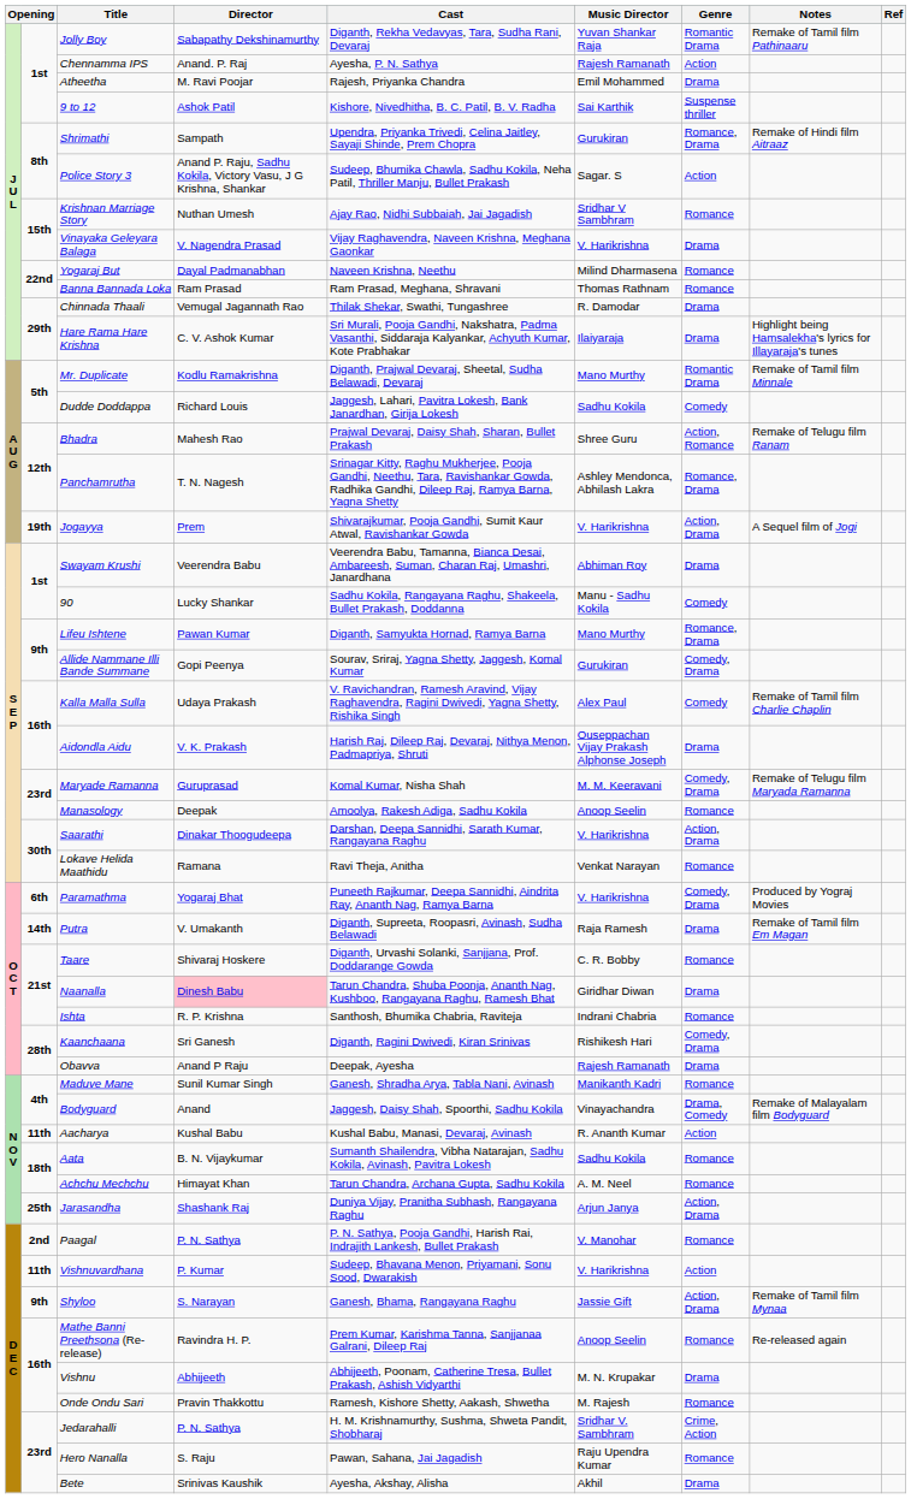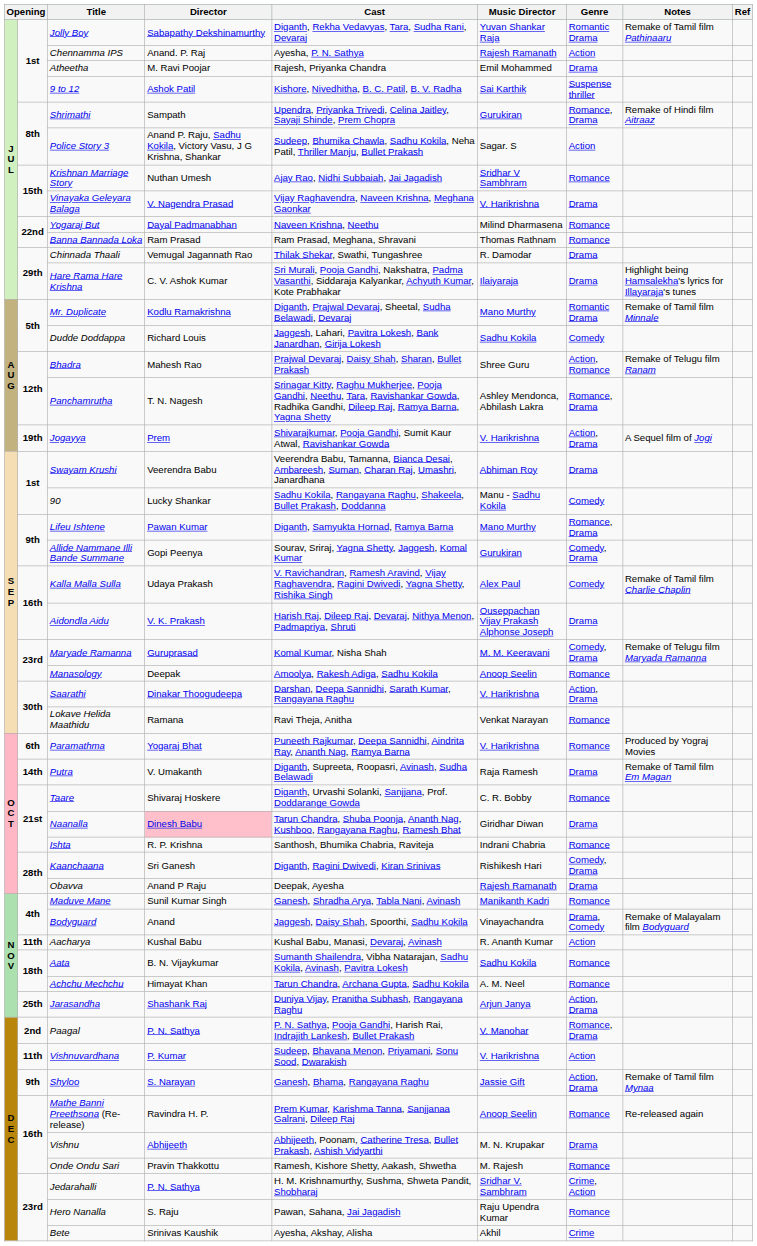 <table class="wikitable">
 <tr style="background:#b0e0e6; text-align:center;">
 <th colspan="2"><strong>Opening</strong></th>
 <th style="width:13%;"><strong>Title</strong></th>
 <th><strong>Director</strong></th>
 <th><strong>Cast</strong></th>
 <th><strong>Music Director</strong></th>
 <th><strong>Genre</strong></th>
 <th><strong>Notes</strong></th>
 <th><strong>Ref</strong></th>
 </tr>
 <tr July!>
 <td rowspan="12"   style="text-align:center; background:#d0f0c0; textcolor:#000;"><strong>J<br>U<br>L</strong></td>
 <td rowspan="4" style="text-align:center;"><strong>1st</strong></td>
 <td><em><a href='#'>Jolly Boy</a></em></td>
 <td><a href='#'>Sabapathy Dekshinamurthy</a></td>
 <td><a href='#'>Diganth</a>, <a href='#'>Rekha Vedavyas</a>, <a href='#'>Tara</a>, <a href='#'>Sudha Rani</a>, <a href='#'>Devaraj</a></td>
 <td><a href='#'>Yuvan Shankar Raja</a></td>
 <td><a href='#'>Romantic Drama</a></td>
 <td>Remake of Tamil film <em><a href='#'>Pathinaaru</a></em></td>
 <td></td>
 </tr>
 <tr>
 <td><em>Chennamma IPS</em></td>
 <td>Anand. P. Raj</td>
 <td>Ayesha, <a href='#'>P. N. Sathya</a></td>
 <td><a href='#'>Rajesh Ramanath</a></td>
 <td><a href='#'>Action</a></td>
 <td></td>
 <td></td>
 </tr>
 <tr>
 <td><em>Atheetha</em></td>
 <td>M. Ravi Poojar</td>
 <td>Rajesh, Priyanka Chandra</td>
 <td>Emil Mohammed</td>
 <td><a href='#'>Drama</a></td>
 <td></td>
 <td></td>
 </tr>
 <tr>
 <td><em><a href='#'>9 to 12</a></em></td>
 <td><a href='#'>Ashok Patil</a></td>
 <td><a href='#'>Kishore</a>, <a href='#'>Nivedhitha</a>, <a href='#'>B. C. Patil</a>, <a href='#'>B. V. Radha</a></td>
 <td><a href='#'>Sai Karthik</a></td>
 <td><a href='#'>Suspense thriller</a></td>
 <td></td>
 <td></td>
 </tr>
 <tr>
 <td rowspan="2" style="text-align:center;"><strong>8th</strong></td>
 <td><em><a href='#'>Shrimathi</a></em></td>
 <td>Sampath</td>
 <td><a href='#'>Upendra</a>, <a href='#'>Priyanka Trivedi</a>, <a href='#'>Celina Jaitley</a>, <a href='#'>Sayaji Shinde</a>, <a href='#'>Prem Chopra</a></td>
 <td><a href='#'>Gurukiran</a></td>
 <td><a href='#'>Romance</a>, <a href='#'>Drama</a></td>
 <td>Remake of Hindi film <em><a href='#'>Aitraaz</a></em></td>
 <td></td>
 </tr>
 <tr>
 <td><em><a href='#'>Police Story 3</a></em></td>
 <td>Anand P. Raju, <a href='#'>Sadhu Kokila</a>, Victory Vasu, J G Krishna, Shankar</td>
 <td><a href='#'>Sudeep</a>, <a href='#'>Bhumika Chawla</a>, <a href='#'>Sadhu Kokila</a>, Neha Patil, <a href='#'>Thriller Manju</a>, <a href='#'>Bullet Prakash</a></td>
 <td>Sagar. S</td>
 <td><a href='#'>Action</a></td>
 <td></td>
 <td></td>
 </tr>
 <tr>
 <td rowspan="2" style="text-align:center;"><strong>15th</strong></td>
 <td><em><a href='#'>Krishnan Marriage Story</a></em></td>
 <td>Nuthan Umesh</td>
 <td><a href='#'>Ajay Rao</a>, <a href='#'>Nidhi Subbaiah</a>, <a href='#'>Jai Jagadish</a></td>
 <td><a href='#'>Sridhar V Sambhram</a></td>
 <td><a href='#'>Romance</a></td>
 <td></td>
 <td></td>
 </tr>
 <tr>
 <td><em><a href='#'>Vinayaka Geleyara Balaga</a></em></td>
 <td><a href='#'>V. Nagendra Prasad</a></td>
 <td><a href='#'>Vijay Raghavendra</a>, <a href='#'>Naveen Krishna</a>, <a href='#'>Meghana Gaonkar</a></td>
 <td><a href='#'>V. Harikrishna</a></td>
 <td><a href='#'>Drama</a></td>
 <td></td>
 <td></td>
 </tr>
 <tr>
 <td rowspan="2" style="text-align:center;"><strong>22nd</strong></td>
 <td><em><a href='#'>Yogaraj But</a></em></td>
 <td><a href='#'>Dayal Padmanabhan</a></td>
 <td><a href='#'>Naveen Krishna</a>, <a href='#'>Neethu</a></td>
 <td>Milind Dharmasena</td>
 <td><a href='#'>Romance</a></td>
 <td></td>
 <td></td>
 </tr>
 <tr>
 <td><em><a href='#'>Banna Bannada Loka</a></em></td>
 <td>Ram Prasad</td>
 <td>Ram Prasad, Meghana, Shravani</td>
 <td>Thomas Rathnam</td>
 <td><a href='#'>Romance</a></td>
 <td></td>
 <td></td>
 </tr>
 <tr>
 <td rowspan="2" style="text-align:Center;"><strong>29th</strong></td>
 <td><em>Chinnada Thaali</em></td>
 <td>Vemugal Jagannath Rao</td>
 <td><a href='#'>Thilak Shekar</a>, Swathi, Tungashree</td>
 <td>R. Damodar</td>
 <td><a href='#'>Drama</a></td>
 <td></td>
 <td></td>
 </tr>
 <tr>
 <td><em><a href='#'>Hare Rama Hare Krishna</a></em></td>
 <td>C. V. Ashok Kumar</td>
 <td><a href='#'>Sri Murali</a>, <a href='#'>Pooja Gandhi</a>, Nakshatra, <a href='#'>Padma Vasanthi</a>, Siddaraja Kalyankar, <a href='#'>Achyuth Kumar</a>, Kote Prabhakar</td>
 <td><a href='#'>Ilaiyaraja</a></td>
 <td><a href='#'>Drama</a></td>
 <td>Highlight being <a href='#'>Hamsalekha</a>'s lyrics for <a href='#'>Illayaraja</a>'s tunes</td>
 <td></td>
 </tr>
 <tr August!>
 <td rowspan="5"   style="text-align:center; background:#c2b280; textcolor:#000;"><strong>A<br>U<br>G</strong></td>
 <td rowspan="2" style="text-align:center;"><strong>5th</strong></td>
 <td><em><a href='#'>Mr. Duplicate</a></em></td>
 <td><a href='#'>Kodlu Ramakrishna</a></td>
 <td><a href='#'>Diganth</a>, <a href='#'>Prajwal Devaraj</a>, Sheetal, <a href='#'>Sudha Belawadi</a>, <a href='#'>Devaraj</a></td>
 <td><a href='#'>Mano Murthy</a></td>
 <td><a href='#'>Romantic Drama</a></td>
 <td>Remake of Tamil film <em><a href='#'>Minnale</a></em></td>
 <td></td>
 </tr>
 <tr>
 <td><em>Dudde Doddappa</em></td>
 <td>Richard Louis</td>
 <td><a href='#'>Jaggesh</a>, Lahari, <a href='#'>Pavitra Lokesh</a>, <a href='#'>Bank Janardhan</a>, <a href='#'>Girija Lokesh</a></td>
 <td><a href='#'>Sadhu Kokila</a></td>
 <td><a href='#'>Comedy</a></td>
 <td></td>
 <td></td>
 </tr>
 <tr>
 <td rowspan="2" style="text-align:center;"><strong>12th</strong></td>
 <td><em><a href='#'>Bhadra</a></em></td>
 <td>Mahesh Rao</td>
 <td><a href='#'>Prajwal Devaraj</a>, <a href='#'>Daisy Shah</a>, <a href='#'>Sharan</a>, <a href='#'>Bullet Prakash</a></td>
 <td>Shree Guru</td>
 <td><a href='#'>Action</a>, <a href='#'>Romance</a></td>
 <td>Remake of Telugu film <em><a href='#'>Ranam</a></em></td>
 <td></td>
 </tr>
 <tr>
 <td><em><a href='#'>Panchamrutha</a></em></td>
 <td>T. N. Nagesh</td>
 <td><a href='#'>Srinagar Kitty</a>, <a href='#'>Raghu Mukherjee</a>, <a href='#'>Pooja Gandhi</a>, <a href='#'>Neethu</a>, <a href='#'>Tara</a>, <a href='#'>Ravishankar Gowda</a>, Radhika Gandhi, <a href='#'>Dileep Raj</a>, <a href='#'>Ramya Barna</a>, <a href='#'>Yagna Shetty</a></td>
 <td>Ashley Mendonca, Abhilash Lakra</td>
 <td><a href='#'>Romance</a>, <a href='#'>Drama</a></td>
 <td></td>
 <td></td>
 </tr>
 <tr>
 <td style="text-align:center;"><strong>19th</strong></td>
 <td><em><a href='#'>Jogayya</a></em></td>
 <td><a href='#'>Prem</a></td>
 <td><a href='#'>Shivarajkumar</a>, <a href='#'>Pooja Gandhi</a>, Sumit Kaur Atwal, <a href='#'>Ravishankar Gowda</a></td>
 <td><a href='#'>V. Harikrishna</a></td>
 <td><a href='#'>Action</a>, <a href='#'>Drama</a></td>
 <td>A Sequel film of <em><a href='#'>Jogi</a></em></td>
 <td></td>
 </tr>
 <tr September!>
 <td rowspan="10"   style="text-align:center; background:wheat; textcolor:#000;"><strong>S<br>E<br>P</strong></td>
 <td rowspan="2" style="text-align:center;"><strong>1st</strong></td>
 <td><em><a href='#'>Swayam Krushi</a></em></td>
 <td>Veerendra Babu</td>
 <td>Veerendra Babu, Tamanna, <a href='#'>Bianca Desai</a>, <a href='#'>Ambareesh</a>, <a href='#'>Suman</a>, <a href='#'>Charan Raj</a>, <a href='#'>Umashri</a>, Janardhana</td>
 <td><a href='#'>Abhiman Roy</a></td>
 <td><a href='#'>Drama</a></td>
 <td></td>
 <td></td>
 </tr>
 <tr>
 <td><em>90</em></td>
 <td>Lucky Shankar</td>
 <td><a href='#'>Sadhu Kokila</a>, <a href='#'>Rangayana Raghu</a>, <a href='#'>Shakeela</a>, <a href='#'>Bullet Prakash</a>, <a href='#'>Doddanna</a></td>
 <td>Manu - <a href='#'>Sadhu Kokila</a></td>
 <td><a href='#'>Comedy</a></td>
 <td></td>
 <td></td>
 </tr>
 <tr>
 <td rowspan="2" style="text-align:center;"><strong>9th</strong></td>
 <td><em><a href='#'>Lifeu Ishtene</a></em></td>
 <td><a href='#'>Pawan Kumar</a></td>
 <td><a href='#'>Diganth</a>, <a href='#'>Samyukta Hornad</a>, <a href='#'>Ramya Barna</a></td>
 <td><a href='#'>Mano Murthy</a></td>
 <td><a href='#'>Romance</a>, <a href='#'>Drama</a></td>
 <td></td>
 <td></td>
 </tr>
 <tr>
 <td><em><a href='#'>Allide Nammane Illi Bande Summane</a></em></td>
 <td>Gopi Peenya</td>
 <td>Sourav, Sriraj, <a href='#'>Yagna Shetty</a>, <a href='#'>Jaggesh</a>, <a href='#'>Komal Kumar</a></td>
 <td><a href='#'>Gurukiran</a></td>
 <td><a href='#'>Comedy</a>, <a href='#'>Drama</a></td>
 <td></td>
 <td></td>
 </tr>
 <tr>
 <td rowspan="2" style="text-align:center;"><strong>16th</strong></td>
 <td><em><a href='#'>Kalla Malla Sulla</a></em></td>
 <td>Udaya Prakash</td>
 <td><a href='#'>V. Ravichandran</a>, <a href='#'>Ramesh Aravind</a>, <a href='#'>Vijay Raghavendra</a>, <a href='#'>Ragini Dwivedi</a>, <a href='#'>Yagna Shetty</a>, <a href='#'>Rishika Singh</a></td>
 <td><a href='#'>Alex Paul</a></td>
 <td><a href='#'>Comedy</a></td>
 <td>Remake of Tamil film <em><a href='#'>Charlie Chaplin</a></em></td>
 <td></td>
 </tr>
 <tr>
 <td><em><a href='#'>Aidondla Aidu</a></em></td>
 <td><a href='#'>V. K. Prakash</a></td>
 <td><a href='#'>Harish Raj</a>, <a href='#'>Dileep Raj</a>, <a href='#'>Devaraj</a>, <a href='#'>Nithya Menon</a>, <a href='#'>Padmapriya</a>, <a href='#'>Shruti</a></td>
 <td><a href='#'>Ouseppachan</a> <br> <a href='#'>Vijay Prakash</a> <br> <a href='#'>Alphonse Joseph</a></td>
 <td><a href='#'>Drama</a></td>
 <td></td>
 <td></td>
 </tr>
 <tr>
 <td rowspan="2" style="text-align:center;"><strong>23rd</strong></td>
 <td><em><a href='#'>Maryade Ramanna</a></em></td>
 <td><a href='#'>Guruprasad</a></td>
 <td><a href='#'>Komal Kumar</a>, Nisha Shah</td>
 <td><a href='#'>M. M. Keeravani</a></td>
 <td><a href='#'>Comedy</a>, <a href='#'>Drama</a></td>
 <td>Remake of Telugu film <em><a href='#'>Maryada Ramanna</a></em></td>
 <td></td>
 </tr>
 <tr>
 <td><em><a href='#'>Manasology</a></em></td>
 <td>Deepak</td>
 <td><a href='#'>Amoolya</a>, <a href='#'>Rakesh Adiga</a>, <a href='#'>Sadhu Kokila</a></td>
 <td><a href='#'>Anoop Seelin</a></td>
 <td><a href='#'>Romance</a></td>
 <td></td>
 <td></td>
 </tr>
 <tr>
 <td rowspan="2" style="text-align:center;"><strong>30th</strong></td>
 <td><em><a href='#'>Saarathi</a></em></td>
 <td><a href='#'>Dinakar Thoogudeepa</a></td>
 <td><a href='#'>Darshan</a>, <a href='#'>Deepa Sannidhi</a>, <a href='#'>Sarath Kumar</a>, <a href='#'>Rangayana Raghu</a></td>
 <td><a href='#'>V. Harikrishna</a></td>
 <td><a href='#'>Action</a>, <a href='#'>Drama</a></td>
 <td></td>
 <td></td>
 </tr>
 <tr>
 <td><em>Lokave Helida Maathidu</em></td>
 <td>Ramana</td>
 <td>Ravi Theja, Anitha</td>
 <td>Venkat Narayan</td>
 <td><a href='#'>Romance</a></td>
 <td></td>
 <td></td>
 </tr>
 <tr October!>
 <td rowspan="7"   style="text-align:center; background:#ffb7c5; textcolor:#000;"><strong>O<br>C<br>T</strong></td>
 <td style="text-align:center;"><strong>6th</strong></td>
 <td><em><a href='#'>Paramathma</a></em></td>
 <td><a href='#'>Yogaraj Bhat</a></td>
 <td><a href='#'>Puneeth Rajkumar</a>, <a href='#'>Deepa Sannidhi</a>, <a href='#'>Aindrita Ray</a>, <a href='#'>Ananth Nag</a>, <a href='#'>Ramya Barna</a></td>
 <td><a href='#'>V. Harikrishna</a></td>
-<td><a href='#'>Comedy</a>, <a href='#'>Drama</a></td>
+<td><a href='#'>Romance</a></td>
 <td>Produced by Yograj Movies</td>
 <td></td>
 </tr>
 <tr>
 <td style="text-align:center;"><strong>14th</strong></td>
 <td><em><a href='#'>Putra</a></em></td>
 <td>V. Umakanth</td>
 <td><a href='#'>Diganth</a>, Supreeta, Roopasri, <a href='#'>Avinash</a>, <a href='#'>Sudha Belawadi</a></td>
 <td>Raja Ramesh</td>
 <td><a href='#'>Drama</a></td>
 <td>Remake of Tamil film <em><a href='#'>Em Magan</a></em></td>
 <td></td>
 </tr>
 <tr>
 <td rowspan="3" style="text-align:center;"><strong>21st</strong></td>
 <td><em><a href='#'>Taare</a></em></td>
 <td>Shivaraj Hoskere</td>
 <td><a href='#'>Diganth</a>, Urvashi Solanki, <a href='#'>Sanjjana</a>, Prof. <a href='#'>Doddarange Gowda</a></td>
 <td>C. R. Bobby</td>
 <td><a href='#'>Romance</a></td>
 <td></td>
 <td></td>
 </tr>
 <tr>
 <td><em><a href='#'>Naanalla</a></em></td>
 <td style="background: pink;"><a href='#'>Dinesh Babu</a></td>
 <td><a href='#'>Tarun Chandra</a>, <a href='#'>Shuba Poonja</a>, <a href='#'>Ananth Nag</a>, <a href='#'>Kushboo</a>, <a href='#'>Rangayana Raghu</a>, <a href='#'>Ramesh Bhat</a></td>
 <td>Giridhar Diwan</td>
 <td><a href='#'>Drama</a></td>
 <td></td>
 <td></td>
 </tr>
 <tr>
 <td><em><a href='#'>Ishta</a></em></td>
 <td>R. P. Krishna</td>
 <td>Santhosh, Bhumika Chabria, Raviteja</td>
 <td>Indrani Chabria</td>
 <td><a href='#'>Romance</a></td>
 <td></td>
 <td></td>
 </tr>
 <tr>
 <td rowspan="2" style="text-align:center;"><strong>28th</strong></td>
 <td><em><a href='#'>Kaanchaana</a></em></td>
 <td>Sri Ganesh</td>
 <td><a href='#'>Diganth</a>, <a href='#'>Ragini Dwivedi</a>, <a href='#'>Kiran Srinivas</a></td>
 <td>Rishikesh Hari</td>
 <td><a href='#'>Comedy</a>, <a href='#'>Drama</a></td>
 <td></td>
 <td></td>
 </tr>
 <tr>
 <td><em>Obavva</em></td>
 <td>Anand P Raju</td>
 <td>Deepak, Ayesha</td>
 <td><a href='#'>Rajesh Ramanath</a></td>
 <td><a href='#'>Drama</a></td>
 <td></td>
 <td></td>
 </tr>
 <tr November!>
 <td rowspan="6"   style="text-align:center; background:#ace1af; textcolor:#000;"><strong>N<br>O<br>V</strong></td>
 <td rowspan="2" style="text-align:center;"><strong>4th</strong></td>
 <td><em><a href='#'>Maduve Mane</a></em></td>
 <td>Sunil Kumar Singh</td>
 <td><a href='#'>Ganesh</a>, <a href='#'>Shradha Arya</a>, <a href='#'>Tabla Nani</a>, <a href='#'>Avinash</a></td>
 <td><a href='#'>Manikanth Kadri</a></td>
 <td><a href='#'>Romance</a></td>
 <td></td>
 <td></td>
 </tr>
 <tr>
 <td><em><a href='#'>Bodyguard</a></em></td>
 <td>Anand</td>
 <td><a href='#'>Jaggesh</a>, <a href='#'>Daisy Shah</a>, Spoorthi, <a href='#'>Sadhu Kokila</a></td>
 <td>Vinayachandra</td>
 <td><a href='#'>Drama</a>, <a href='#'>Comedy</a></td>
 <td>Remake of Malayalam film <em><a href='#'>Bodyguard</a></em></td>
 <td></td>
 </tr>
 <tr>
 <td style="text-align:center;"><strong>11th</strong></td>
 <td><em>Aacharya</em></td>
 <td>Kushal Babu</td>
 <td>Kushal Babu, Manasi, <a href='#'>Devaraj</a>, <a href='#'>Avinash</a></td>
 <td>R. Ananth Kumar</td>
 <td><a href='#'>Action</a></td>
 <td></td>
 <td></td>
 </tr>
 <tr>
 <td rowspan="2" style="text-align:center;"><strong>18th</strong></td>
 <td><em><a href='#'>Aata</a></em></td>
 <td>B. N. Vijaykumar</td>
 <td><a href='#'>Sumanth Shailendra</a>, Vibha Natarajan, <a href='#'>Sadhu Kokila</a>, <a href='#'>Avinash</a>, <a href='#'>Pavitra Lokesh</a></td>
 <td><a href='#'>Sadhu Kokila</a></td>
 <td><a href='#'>Romance</a></td>
 <td></td>
 <td></td>
 </tr>
 <tr>
 <td><em><a href='#'>Achchu Mechchu</a></em></td>
 <td>Himayat Khan</td>
 <td><a href='#'>Tarun Chandra</a>, <a href='#'>Archana Gupta</a>, <a href='#'>Sadhu Kokila</a></td>
 <td>A. M. Neel</td>
 <td><a href='#'>Romance</a></td>
 <td></td>
 <td></td>
 </tr>
 <tr>
 <td style="text-align:center;"><strong>25th</strong></td>
 <td><em><a href='#'>Jarasandha</a></em></td>
 <td><a href='#'>Shashank Raj</a></td>
 <td><a href='#'>Duniya Vijay</a>, <a href='#'>Pranitha Subhash</a>, <a href='#'>Rangayana Raghu</a></td>
 <td><a href='#'>Arjun Janya</a></td>
 <td><a href='#'>Action</a>, <a href='#'>Drama</a></td>
 <td></td>
 <td></td>
 </tr>
 <tr December!>
 <td rowspan="9"   style="text-align:center; background:#b8860b; textcolor:#000;"><strong>D<br>E<br>C</strong></td>
 <td style="text-align:center;"><strong>2nd</strong></td>
 <td><em>Paagal</em></td>
 <td><a href='#'>P. N. Sathya</a></td>
 <td><a href='#'>P. N. Sathya</a>, <a href='#'>Pooja Gandhi</a>, Harish Rai, <a href='#'>Indrajith Lankesh</a>, <a href='#'>Bullet Prakash</a></td>
 <td><a href='#'>V. Manohar</a></td>
-<td><a href='#'>Romance</a></td>
+<td><a href='#'>Romance</a>, <a href='#'>Drama</a></td>
 <td></td>
 <td></td>
 </tr>
 <tr>
 <td style="text-align:center;"><strong>11th</strong></td>
 <td><em><a href='#'>Vishnuvardhana</a></em></td>
 <td><a href='#'>P. Kumar</a></td>
 <td><a href='#'>Sudeep</a>, <a href='#'>Bhavana Menon</a>, <a href='#'>Priyamani</a>, <a href='#'>Sonu Sood</a>, <a href='#'>Dwarakish</a></td>
 <td><a href='#'>V. Harikrishna</a></td>
 <td><a href='#'>Action</a></td>
 <td></td>
 <td></td>
 </tr>
 <tr>
 <td style="text-align:center;"><strong>9th</strong></td>
 <td><em><a href='#'>Shyloo</a></em></td>
 <td><a href='#'>S. Narayan</a></td>
 <td><a href='#'>Ganesh</a>, <a href='#'>Bhama</a>, <a href='#'>Rangayana Raghu</a></td>
 <td><a href='#'>Jassie Gift</a></td>
 <td><a href='#'>Action</a>, <a href='#'>Drama</a></td>
 <td>Remake of Tamil film <em><a href='#'>Mynaa</a></em></td>
 <td></td>
 </tr>
 <tr>
 <td rowspan="3" style="text-align:center;"><strong>16th</strong></td>
 <td><em><a href='#'>Mathe Banni Preethsona</a></em> (Re-release)</td>
 <td>Ravindra H. P.</td>
 <td><a href='#'>Prem Kumar</a>, <a href='#'>Karishma Tanna</a>, <a href='#'>Sanjjanaa Galrani</a>, <a href='#'>Dileep Raj</a></td>
 <td><a href='#'>Anoop Seelin</a></td>
 <td><a href='#'>Romance</a></td>
 <td>Re-released again</td>
 <td></td>
 </tr>
 <tr>
 <td><em>Vishnu</em></td>
 <td><a href='#'>Abhijeeth</a></td>
 <td><a href='#'>Abhijeeth</a>, Poonam, <a href='#'>Catherine Tresa</a>, <a href='#'>Bullet Prakash</a>, <a href='#'>Ashish Vidyarthi</a></td>
 <td>M. N. Krupakar</td>
 <td><a href='#'>Drama</a></td>
 <td></td>
 <td></td>
 </tr>
 <tr>
 <td><em>Onde Ondu Sari</em></td>
 <td>Pravin Thakkottu</td>
 <td>Ramesh, Kishore Shetty, Aakash, Shwetha</td>
 <td>M. Rajesh</td>
 <td><a href='#'>Romance</a></td>
 <td></td>
 <td></td>
 </tr>
 <tr>
 <td rowspan="3" style="text-align:center;"><strong>23rd</strong></td>
 <td><em>Jedarahalli</em></td>
 <td><a href='#'>P. N. Sathya</a></td>
 <td>H. M. Krishnamurthy, Sushma, Shweta Pandit, <a href='#'>Shobharaj</a></td>
 <td><a href='#'>Sridhar V. Sambhram</a></td>
 <td><a href='#'>Crime</a>, <a href='#'>Action</a></td>
 <td></td>
 <td></td>
 </tr>
 <tr>
 <td><em>Hero Nanalla</em></td>
 <td>S. Raju</td>
 <td>Pawan, Sahana, <a href='#'>Jai Jagadish</a></td>
 <td>Raju Upendra Kumar</td>
 <td><a href='#'>Romance</a></td>
 <td></td>
 <td></td>
 </tr>
 <tr>
 <td><em>Bete</em></td>
 <td>Srinivas Kaushik</td>
 <td>Ayesha, Akshay, Alisha</td>
 <td>Akhil</td>
-<td><a href='#'>Drama</a></td>
+<td><a href='#'>Crime</a></td>
 <td></td>
 <td></td>
 </tr>
 </table>
